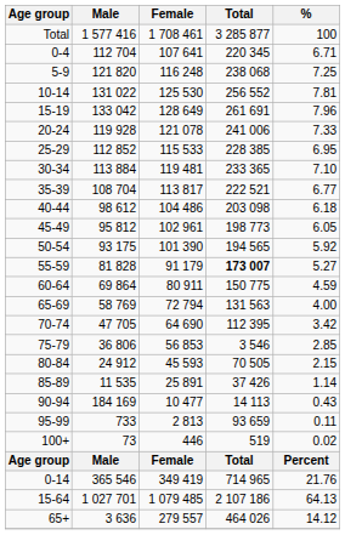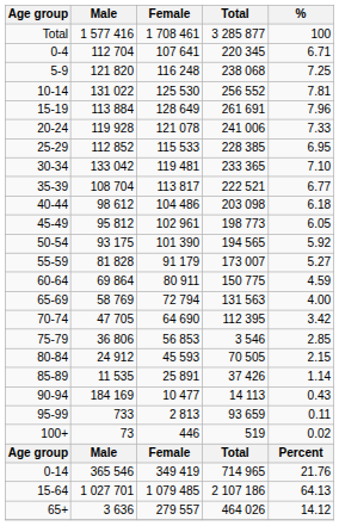 <table class="wikitable">
 <tr>
 <th width="80pt">Age group</th>
 <th width="80pt">Male</th>
 <th width="80pt">Female</th>
 <th width="80pt">Total</th>
 <th width="80pt">%</th>
 </tr>
 <tr>
 <td align="right">Total</td>
 <td align="right">1 577 416</td>
 <td align="right">1 708 461</td>
 <td align="right">3 285 877</td>
 <td align="right">100</td>
 </tr>
 <tr>
 <td align="right">0-4</td>
 <td align="right">112 704</td>
 <td align="right">107 641</td>
 <td align="right">220 345</td>
 <td align="right">6.71</td>
 </tr>
 <tr>
 <td align="right">5-9</td>
 <td align="right">121 820</td>
 <td align="right">116 248</td>
 <td align="right">238 068</td>
 <td align="right">7.25</td>
 </tr>
 <tr>
 <td align="right">10-14</td>
 <td align="right">131 022</td>
 <td align="right">125 530</td>
 <td align="right">256 552</td>
 <td align="right">7.81</td>
 </tr>
 <tr>
 <td align="right">15-19</td>
-<td align="right">133 042</td>
+<td align="right">113 884</td>
 <td align="right">128 649</td>
 <td align="right">261 691</td>
 <td align="right">7.96</td>
 </tr>
 <tr>
 <td align="right">20-24</td>
 <td align="right">119 928</td>
 <td align="right">121 078</td>
 <td align="right">241 006</td>
 <td align="right">7.33</td>
 </tr>
 <tr>
 <td align="right">25-29</td>
 <td align="right">112 852</td>
 <td align="right">115 533</td>
 <td align="right">228 385</td>
 <td align="right">6.95</td>
 </tr>
 <tr>
 <td align="right">30-34</td>
-<td align="right">113 884</td>
+<td align="right">133 042</td>
 <td align="right">119 481</td>
 <td align="right">233 365</td>
 <td align="right">7.10</td>
 </tr>
 <tr>
 <td align="right">35-39</td>
 <td align="right">108 704</td>
 <td align="right">113 817</td>
 <td align="right">222 521</td>
 <td align="right">6.77</td>
 </tr>
 <tr>
 <td align="right">40-44</td>
 <td align="right">98 612</td>
 <td align="right">104 486</td>
 <td align="right">203 098</td>
 <td align="right">6.18</td>
 </tr>
 <tr>
 <td align="right">45-49</td>
 <td align="right">95 812</td>
 <td align="right">102 961</td>
 <td align="right">198 773</td>
 <td align="right">6.05</td>
 </tr>
 <tr>
 <td align="right">50-54</td>
 <td align="right">93 175</td>
 <td align="right">101 390</td>
 <td align="right">194 565</td>
 <td align="right">5.92</td>
 </tr>
 <tr>
 <td align="right">55-59</td>
 <td align="right">81 828</td>
 <td align="right">91 179</td>
-<td align="right"><strong>173 007</strong></td>
+<td align="right">173 007</td>
 <td align="right">5.27</td>
 </tr>
 <tr>
 <td align="right">60-64</td>
 <td align="right">69 864</td>
 <td align="right">80 911</td>
 <td align="right">150 775</td>
 <td align="right">4.59</td>
 </tr>
 <tr>
 <td align="right">65-69</td>
 <td align="right">58 769</td>
 <td align="right">72 794</td>
 <td align="right">131 563</td>
 <td align="right">4.00</td>
 </tr>
 <tr>
 <td align="right">70-74</td>
 <td align="right">47 705</td>
 <td align="right">64 690</td>
 <td align="right">112 395</td>
 <td align="right">3.42</td>
 </tr>
 <tr>
 <td align="right">75-79</td>
 <td align="right">36 806</td>
 <td align="right">56 853</td>
 <td align="right">3 546</td>
 <td align="right">2.85</td>
 </tr>
 <tr>
 <td align="right">80-84</td>
 <td align="right">24 912</td>
 <td align="right">45 593</td>
 <td align="right">70 505</td>
 <td align="right">2.15</td>
 </tr>
 <tr>
 <td align="right">85-89</td>
 <td align="right">11 535</td>
 <td align="right">25 891</td>
 <td align="right">37 426</td>
 <td align="right">1.14</td>
 </tr>
 <tr>
 <td align="right">90-94</td>
 <td align="right">184 169</td>
 <td align="right">10 477</td>
 <td align="right">14 113</td>
 <td align="right">0.43</td>
 </tr>
 <tr>
 <td align="right">95-99</td>
 <td align="right">733</td>
 <td align="right">2 813</td>
 <td align="right">93 659</td>
 <td align="right">0.11</td>
 </tr>
 <tr>
 <td align="right">100+</td>
 <td align="right">73</td>
 <td align="right">446</td>
 <td align="right">519</td>
 <td align="right">0.02</td>
 </tr>
 <tr>
 <th width="50">Age group</th>
 <th width="80pt">Male</th>
 <th width="80">Female</th>
 <th width="80">Total</th>
 <th width="50">Percent</th>
 </tr>
 <tr>
 <td align="right">0-14</td>
 <td align="right">365 546</td>
 <td align="right">349 419</td>
 <td align="right">714 965</td>
 <td align="right">21.76</td>
 </tr>
 <tr>
 <td align="right">15-64</td>
 <td align="right">1 027 701</td>
 <td align="right">1 079 485</td>
 <td align="right">2 107 186</td>
 <td align="right">64.13</td>
 </tr>
 <tr>
 <td align="right">65+</td>
 <td align="right">3 636</td>
 <td align="right">279 557</td>
 <td align="right">464 026</td>
 <td align="right">14.12</td>
 </tr>
 <tr>
 </tr>
 </table>
